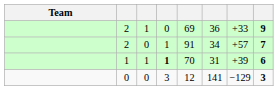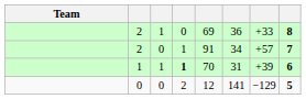 <table class="wikitable" style="text-align:center;">
 <tr>
 <th style="width:10.5em;">Team</th>
 <th style="width:1.5em;"></th>
 <th style="width:1.5em;"></th>
 <th style="width:1.5em;"></th>
 <th style="width:2.0em;"></th>
 <th style="width:2.0em;"></th>
 <th style="width:2.0em;"></th>
 <th style="width:1.5em;"></th>
 </tr>
 <tr bgcolor=#cfc>
 <td align="left"></td>
 <td>2</td>
 <td>1</td>
 <td>0</td>
 <td>69</td>
 <td>36</td>
 <td>+33</td>
-<td><strong>9</strong></td>
+<td><strong>8</strong></td>
 </tr>
 <tr bgcolor=#cfc>
 <td align="left"></td>
 <td>2</td>
 <td>0</td>
 <td>1</td>
 <td>91</td>
 <td>34</td>
 <td>+57</td>
 <td><strong>7</strong></td>
 </tr>
 <tr bgcolor=#cfc>
 <td align="left"></td>
 <td>1</td>
 <td>1</td>
 <td><strong>1</strong></td>
 <td>70</td>
 <td>31</td>
 <td>+39</td>
 <td><strong>6</strong></td>
 </tr>
 <tr>
 <td align="left"></td>
 <td>0</td>
 <td>0</td>
-<td>3</td>
+<td>2</td>
 <td>12</td>
 <td>141</td>
 <td>−129</td>
-<td><strong>3</strong></td>
+<td><strong>5</strong></td>
 </tr>
 </table>
